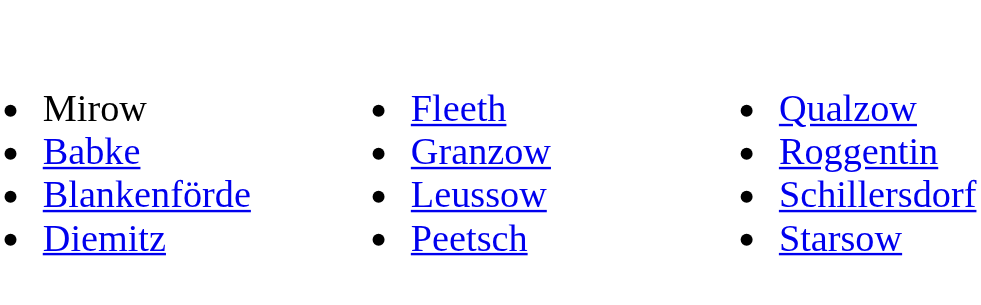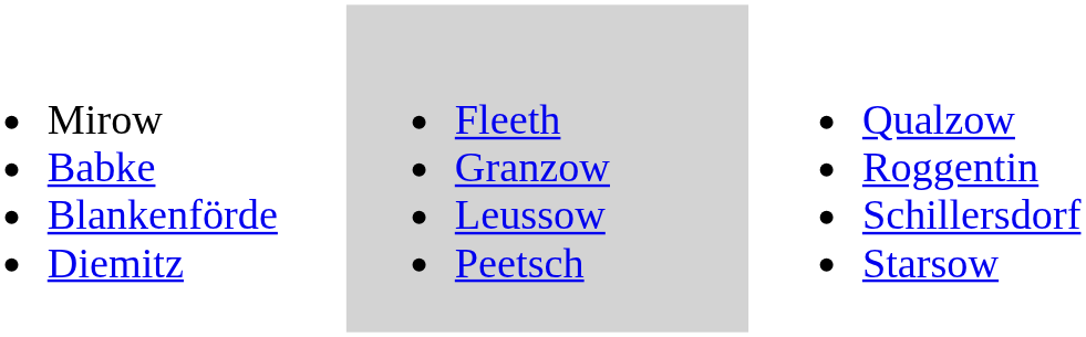 <table>
 <tr>
 <td colspan="3"></td>
 </tr>
 <tr>
 <td width="150" valign="top"><br><ul><li>Mirow</li><li><a href='#'>Babke</a></li><li><a href='#'>Blankenförde</a></li><li><a href='#'>Diemitz</a></li></ul></td>
-<td width="150" valign="top"><br><ul><li><a href='#'>Fleeth</a></li><li><a href='#'>Granzow</a></li><li><a href='#'>Leussow</a></li><li><a href='#'>Peetsch</a></li></ul></td>
+<td width="150" valign="top" style="background: lightgrey;"><br><ul><li><a href='#'>Fleeth</a></li><li><a href='#'>Granzow</a></li><li><a href='#'>Leussow</a></li><li><a href='#'>Peetsch</a></li></ul></td>
 <td width="150" valign="top"><br><ul><li><a href='#'>Qualzow</a></li><li><a href='#'>Roggentin</a></li><li><a href='#'>Schillersdorf</a></li><li><a href='#'>Starsow</a></li></ul></td>
 </tr>
 </table>
